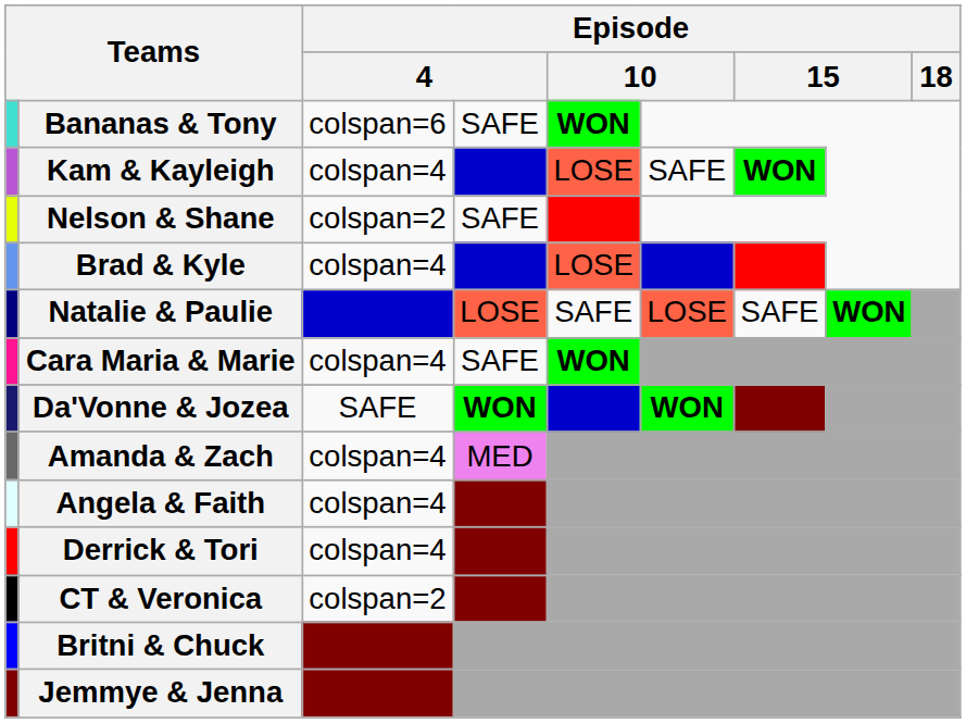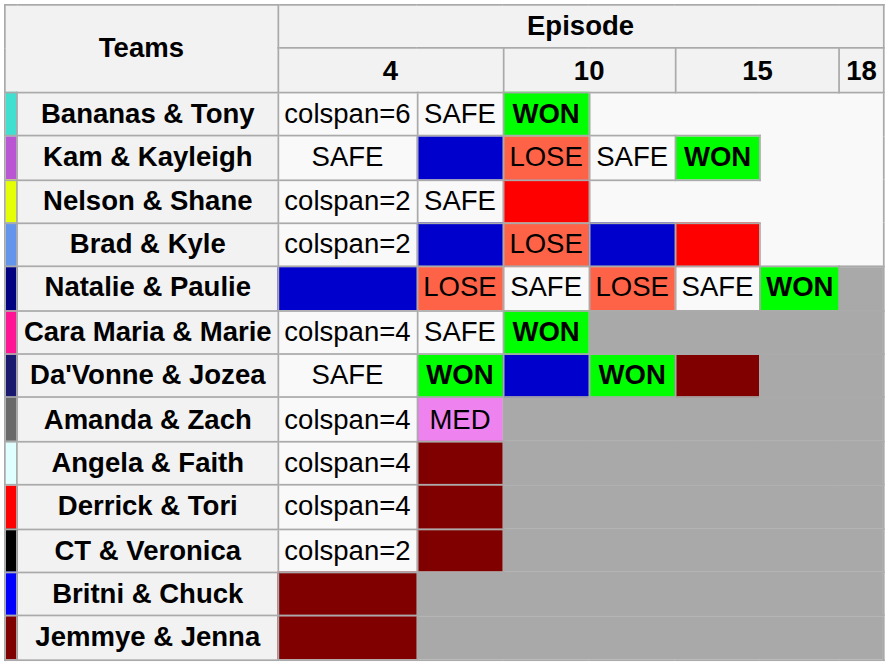 <table class="wikitable" style="text-align:center">
 <tr>
 <th rowspan=2 colspan=2>Teams</th>
 <th colspan=14>Episode</th>
 </tr>
 <tr>
 <th colspan=2>4</th>
 <th colspan=2>10</th>
 <th colspan=2>15</th>
 <th colspan=2>18</th>
 </tr>
 <tr>
 <th style="background:turquoise"></th>
 <th nowrap>Bananas & Tony</th>
 <td>colspan=6 </td>
 <td>SAFE</td>
 <td bgcolor="lime"><strong>WON</strong></td>
 </tr>
 <tr>
 <th style="background:mediumorchid"></th>
 <th nowrap>Kam & Kayleigh</th>
-<td>colspan=4 </td>
+<td>SAFE</td>
 <td bgcolor="mediumblue"></td>
 <td bgcolor="tomato">LOSE</td>
 <td>SAFE</td>
 <td bgcolor="lime"><strong>WON</strong></td>
 </tr>
 <tr>
 <th Style="background:#e4ff06"></th>
 <th nowrap>Nelson & Shane</th>
 <td>colspan=2 </td>
 <td>SAFE</td>
 <td bgcolor="red"></td>
 </tr>
 <tr>
 <th Style="background:cornflowerblue"></th>
 <th nowrap>Brad & Kyle</th>
-<td>colspan=4 </td>
+<td>colspan=2 </td>
 <td bgcolor="mediumblue"></td>
 <td bgcolor="tomato">LOSE</td>
 <td bgcolor="mediumblue"></td>
 <td bgcolor="red"></td>
 </tr>
 <tr>
 <th style="background:navy"></th>
 <th nowrap>Natalie & Paulie</th>
 <td bgcolor="mediumblue"></td>
 <td bgcolor="tomato">LOSE</td>
 <td>SAFE</td>
 <td bgcolor="tomato">LOSE</td>
 <td>SAFE</td>
 <td bgcolor="lime"><strong>WON</strong></td>
 <td bgcolor="darkgray" colspan=13></td>
 </tr>
 <tr>
 <th style="background:deeppink"></th>
 <th nowrap>Cara Maria & Marie</th>
 <td>colspan=4 </td>
 <td>SAFE</td>
 <td bgcolor="lime"><strong>WON</strong></td>
 <td bgcolor="darkgray" colspan=13></td>
 </tr>
 <tr>
 <th style="background:midnightblue"></th>
 <th nowrap>Da'Vonne & Jozea</th>
 <td>SAFE</td>
 <td bgcolor="lime"><strong>WON</strong></td>
 <td bgcolor="mediumblue"></td>
 <td bgcolor="lime"><strong>WON</strong></td>
 <td bgcolor="maroon"></td>
 <td bgcolor="darkgray" colspan=13></td>
 </tr>
 <tr>
 <th style="background:dimgray"></th>
 <th nowrap>Amanda & Zach</th>
 <td>colspan=4 </td>
 <td bgcolor="violet">MED</td>
 <td bgcolor="darkgray" colspan=13></td>
 </tr>
 <tr>
 <th style="background:lightcyan"></th>
 <th nowrap>Angela & Faith</th>
 <td>colspan=4 </td>
 <td bgcolor="maroon"></td>
 <td bgcolor="darkgray" colspan=13></td>
 </tr>
 <tr>
 <th style="background:red"></th>
 <th nowrap>Derrick & Tori</th>
 <td>colspan=4 </td>
 <td bgcolor="maroon"></td>
 <td bgcolor="darkgray" colspan=13></td>
 </tr>
 <tr>
 <th style="background:black"></th>
 <th nowrap>CT & Veronica</th>
 <td>colspan=2 </td>
 <td bgcolor="maroon"></td>
 <td bgcolor="darkgray" colspan=13></td>
 </tr>
 <tr>
 <th style="background:blue"></th>
 <th nowrap>Britni & Chuck</th>
 <td bgcolor="maroon"></td>
 <td bgcolor="darkgray" colspan=13></td>
 </tr>
 <tr>
 <th style="background:maroon"></th>
 <th nowrap>Jemmye & Jenna</th>
 <td bgcolor="maroon"></td>
 <td bgcolor="darkgray" colspan=13></td>
 </tr>
 </table>
